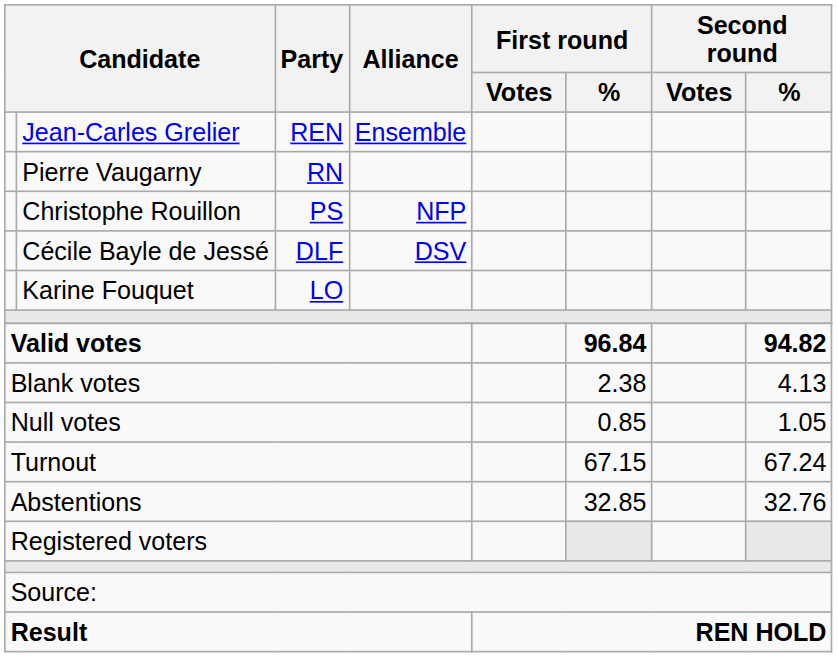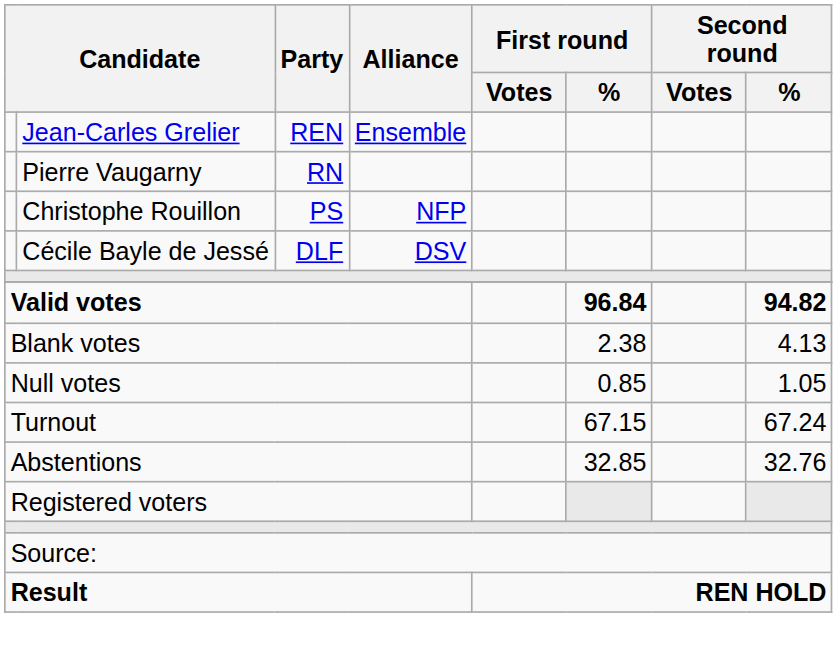 <table class="wikitable" style="text-align:right;font-size:95%;">
 <tr>
 <th colspan="2" rowspan="2">Candidate</th>
 <th colspan="1" rowspan="2">Party</th>
 <th colspan="1" rowspan="2">Alliance</th>
 <th colspan="2">First round</th>
 <th colspan="2">Second round</th>
 </tr>
 <tr>
 <th style="width:50px;">Votes</th>
 <th style="width:45px;">%</th>
 <th style="width:50px;">Votes</th>
 <th style="width:45px;">%</th>
 </tr>
 <tr>
 <td style="color:inherit;background:"></td>
 <td style="text-align:left;"><a href='#'>Jean-Carles Grelier</a></td>
 <td><a href='#'>REN</a></td>
 <td><a href='#'>Ensemble</a></td>
 <td><strong></strong></td>
 <td><strong></strong></td>
 <td><strong></strong></td>
 <td><strong></strong></td>
 </tr>
 <tr>
 <td style="color:inherit;background:"></td>
 <td style="text-align:left;">Pierre Vaugarny</td>
 <td><a href='#'>RN</a></td>
 <td></td>
 <td><strong></strong></td>
 <td><strong></strong></td>
 <td><strong></strong></td>
 <td><strong></strong></td>
 </tr>
 <tr>
 <td style="color:inherit;background:"></td>
 <td style="text-align:left;">Christophe Rouillon</td>
 <td><a href='#'>PS</a></td>
 <td><a href='#'>NFP</a></td>
 <td></td>
 <td></td>
 <td></td>
 <td></td>
 </tr>
 <tr>
 <td style="color:inherit;background:"></td>
 <td style="text-align:left;">Cécile Bayle de Jessé</td>
 <td><a href='#'>DLF</a></td>
 <td><a href='#'>DSV</a></td>
-<td></td>
-<td></td>
-<td></td>
-<td></td>
-</tr>
-<tr>
-<td style="color:inherit;background:"></td>
-<td style="text-align:left;">Karine Fouquet</td>
-<td><a href='#'>LO</a></td>
-<td></td>
 <td></td>
 <td></td>
 <td></td>
 <td></td>
 </tr>
 <tr>
 <td colspan="8" style="background:#E9E9E9;"></td>
 </tr>
 <tr>
 </tr>
 <tr style="font-weight:bold;">
 <td colspan="4" style="text-align:left;">Valid votes</td>
 <td></td>
 <td>96.84</td>
 <td></td>
 <td>94.82</td>
 </tr>
 <tr>
 <td colspan="4" style="text-align:left;">Blank votes</td>
 <td></td>
 <td>2.38</td>
 <td></td>
 <td>4.13</td>
 </tr>
 <tr>
 <td colspan="4" style="text-align:left;">Null votes</td>
 <td></td>
 <td>0.85</td>
 <td></td>
 <td>1.05</td>
 </tr>
 <tr>
 <td colspan="4" style="text-align:left;">Turnout</td>
 <td></td>
 <td>67.15</td>
 <td></td>
 <td>67.24</td>
 </tr>
 <tr>
 <td colspan="4" style="text-align:left;">Abstentions</td>
 <td></td>
 <td>32.85</td>
 <td></td>
 <td>32.76</td>
 </tr>
 <tr>
 <td colspan="4" style="text-align:left;">Registered voters</td>
 <td></td>
 <td style="background:#E9E9E9;"></td>
 <td></td>
 <td style="background:#E9E9E9;"></td>
 </tr>
 <tr>
 <td colspan="8" style="background:#E9E9E9;"></td>
 </tr>
 <tr>
 <td colspan="8" style="text-align:left;">Source: </td>
 </tr>
 <tr style="font-weight:bold">
 <td colspan="4" style="text-align:left;">Result</td>
 <td colspan="4" style="background-color:">REN HOLD</td>
 </tr>
 </table>
